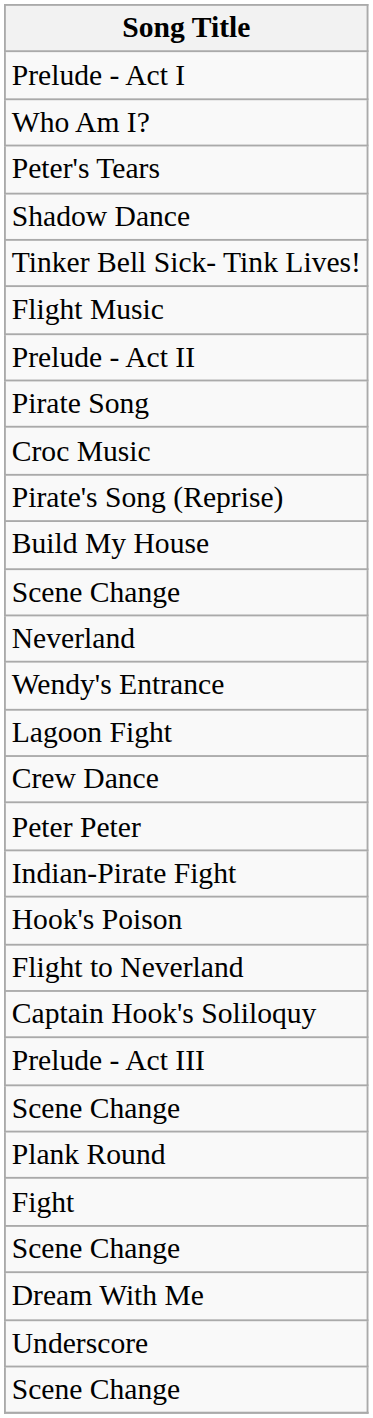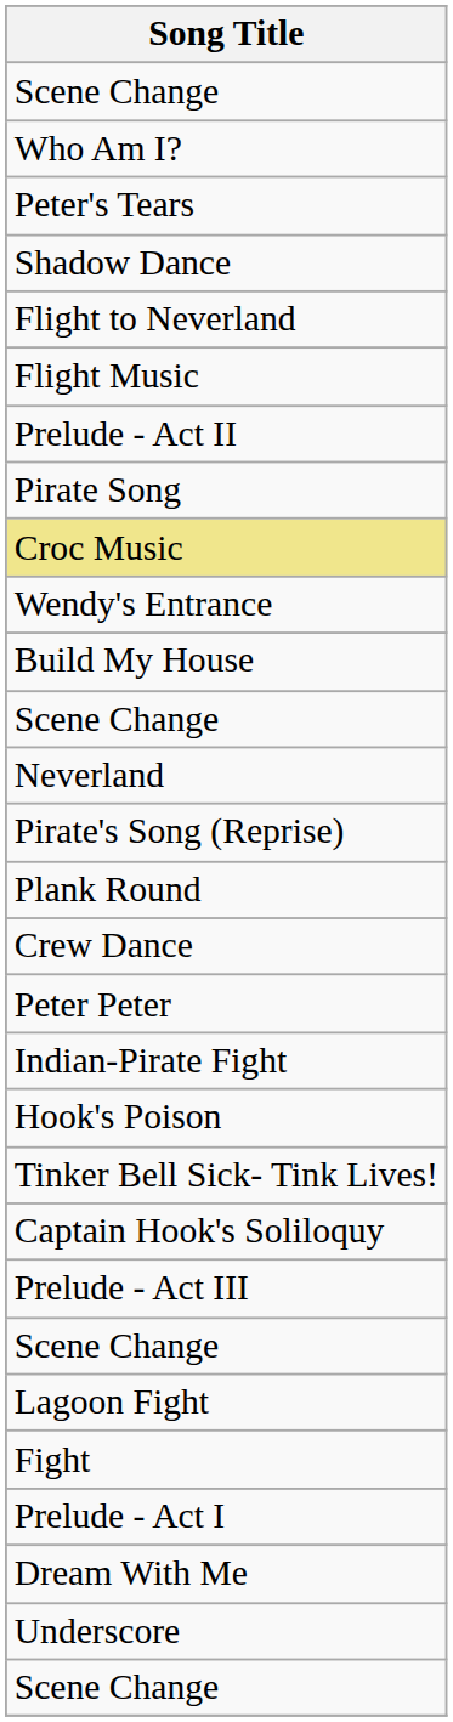 <table class="wikitable">
 <tr>
 <th>Song Title</th>
 </tr>
 <tr>
-<td>Prelude - Act I</td>
+<td>Scene Change</td>
 </tr>
 <tr>
 <td>Who Am I?</td>
 </tr>
 <tr>
 <td>Peter's Tears</td>
 </tr>
 <tr>
 <td>Shadow Dance</td>
 </tr>
 <tr>
-<td>Tinker Bell Sick- Tink Lives!</td>
+<td>Flight to Neverland</td>
 </tr>
 <tr>
 <td>Flight Music</td>
 </tr>
 <tr>
 <td>Prelude - Act II</td>
 </tr>
 <tr>
 <td>Pirate Song</td>
 </tr>
 <tr>
-<td>Croc Music</td>
+<td style="background: khaki;">Croc Music</td>
 </tr>
 <tr>
-<td>Pirate's Song (Reprise)</td>
+<td>Wendy's Entrance</td>
 </tr>
 <tr>
 <td>Build My House</td>
 </tr>
 <tr>
 <td>Scene Change</td>
 </tr>
 <tr>
 <td>Neverland</td>
 </tr>
 <tr>
-<td>Wendy's Entrance</td>
+<td>Pirate's Song (Reprise)</td>
 </tr>
 <tr>
-<td>Lagoon Fight</td>
+<td>Plank Round</td>
 </tr>
 <tr>
 <td>Crew Dance</td>
 </tr>
 <tr>
 <td>Peter Peter</td>
 </tr>
 <tr>
 <td>Indian-Pirate Fight</td>
 </tr>
 <tr>
 <td>Hook's Poison</td>
 </tr>
 <tr>
-<td>Flight to Neverland</td>
+<td>Tinker Bell Sick- Tink Lives!</td>
 </tr>
 <tr>
 <td>Captain Hook's Soliloquy</td>
 </tr>
 <tr>
 <td>Prelude - Act III</td>
 </tr>
 <tr>
 <td>Scene Change</td>
 </tr>
 <tr>
-<td>Plank Round</td>
+<td>Lagoon Fight</td>
 </tr>
 <tr>
 <td>Fight</td>
 </tr>
 <tr>
-<td>Scene Change</td>
+<td>Prelude - Act I</td>
 </tr>
 <tr>
 <td>Dream With Me</td>
 </tr>
 <tr>
 <td>Underscore</td>
 </tr>
 <tr>
 <td>Scene Change</td>
 </tr>
 <tr>
 </tr>
 </table>
